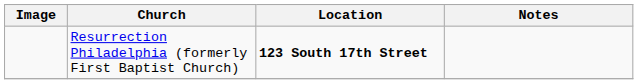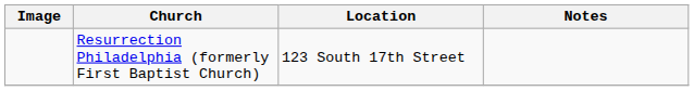 <table class="wikitable">
 <tr>
 <th width="10%">Image</th>
 <th width="30%">Church</th>
 <th width="30%">Location</th>
 <th width="30%">Notes</th>
 </tr>
 <tr>
 <td></td>
 <td><a href='#'>Resurrection Philadelphia</a> (formerly First Baptist Church)</td>
-<td><strong>123 South 17th Street<br></strong></td>
+<td>123 South 17th Street<br></td>
 <td></td>
 </tr>
 <tr>
 </tr>
 </table>
